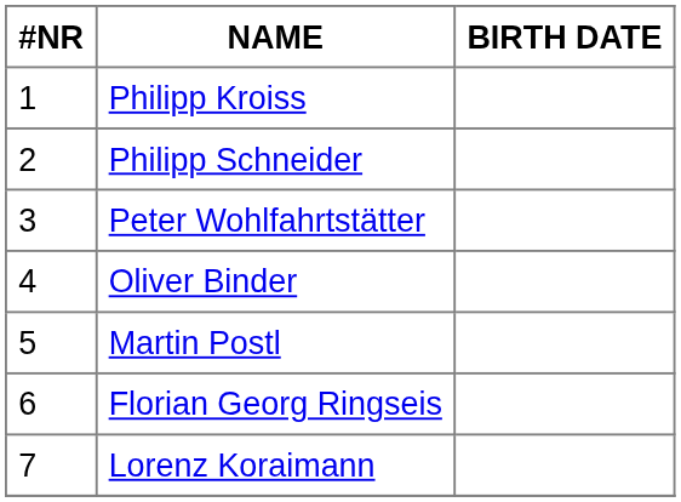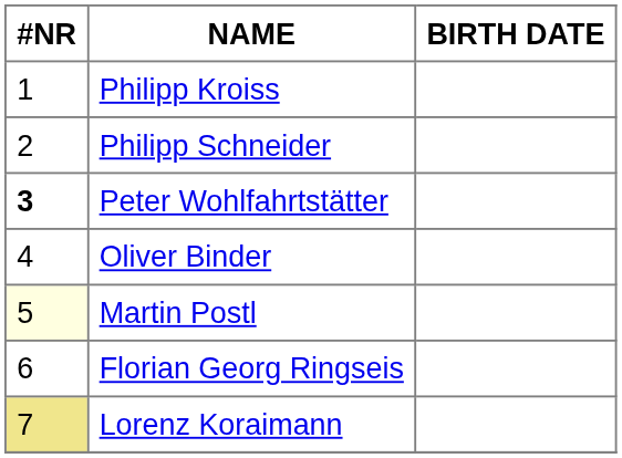 <table border="1" cellspacing="2" cellpadding="5" style="border-collapse: collapse; font-size: 90%;">
 <tr style="background:#coc;">
 <th>#NR</th>
 <th style="text-align=left; width=16em;">NAME</th>
 <th style="text-align=left; width=16em;">BIRTH DATE</th>
 </tr>
 <tr>
 <td style="text-align=center;">1</td>
 <td><a href='#'>Philipp Kroiss</a></td>
 <td align="center"></td>
 </tr>
 <tr>
 <td style="text-align=center;">2</td>
 <td><a href='#'>Philipp Schneider</a></td>
 <td align="center"></td>
 </tr>
 <tr>
-<td style="text-align=center;">3</td>
+<td style="text-align=center;"><strong>3</strong></td>
 <td><a href='#'>Peter Wohlfahrtstätter</a></td>
 <td align="center"></td>
 </tr>
 <tr>
 <td style="text-align=center;">4</td>
 <td><a href='#'>Oliver Binder</a></td>
 <td align="center"></td>
 </tr>
 <tr>
-<td style="text-align=center;">5</td>
+<td style="background: lightyellow; text-align=center;">5</td>
 <td><a href='#'>Martin Postl</a></td>
 <td align="center"></td>
 </tr>
 <tr>
 <td style="text-align=center;">6</td>
 <td><a href='#'>Florian Georg Ringseis</a></td>
 <td align="center"></td>
 </tr>
 <tr>
-<td style="text-align=center;">7</td>
+<td style="background: khaki; text-align=center;">7</td>
 <td><a href='#'>Lorenz Koraimann</a></td>
 <td align="center"></td>
 </tr>
 <tr>
 </tr>
 </table>
